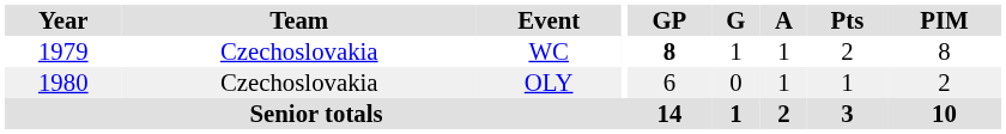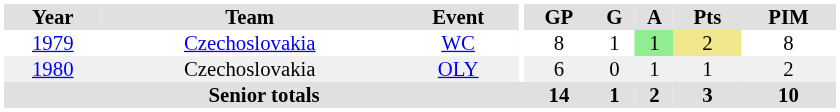 <table border="0" cellpadding="1" cellspacing="0" ID="Table3" style="text-align:center; width:40em">
 <tr bgcolor="#e0e0e0">
 <th>Year</th>
 <th>Team</th>
 <th>Event</th>
 <th rowspan="102" bgcolor="#ffffff"></th>
 <th>GP</th>
 <th>G</th>
 <th>A</th>
 <th>Pts</th>
 <th>PIM</th>
 </tr>
 <tr>
 <td><a href='#'>1979</a></td>
 <td><a href='#'>Czechoslovakia</a></td>
 <td><a href='#'>WC</a></td>
-<td><strong>8</strong></td>
+<td>8</td>
 <td>1</td>
-<td>1</td>
-<td>2</td>
+<td style="background: lightgreen;">1</td>
+<td style="background: khaki;">2</td>
 <td>8</td>
 </tr>
 <tr bgcolor="#f0f0f0">
 <td><a href='#'>1980</a></td>
 <td>Czechoslovakia</td>
 <td><a href='#'>OLY</a></td>
 <td>6</td>
 <td>0</td>
 <td>1</td>
 <td>1</td>
 <td>2</td>
 </tr>
 <tr bgcolor="#e0e0e0">
 <th colspan="4">Senior totals</th>
 <th>14</th>
 <th>1</th>
 <th>2</th>
 <th>3</th>
 <th>10</th>
 </tr>
 </table>
